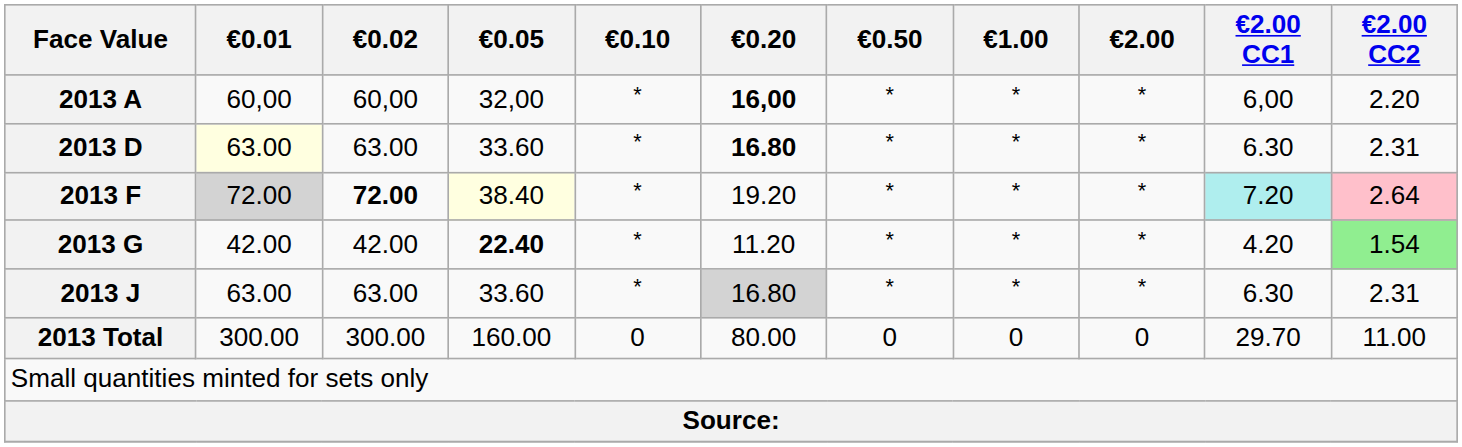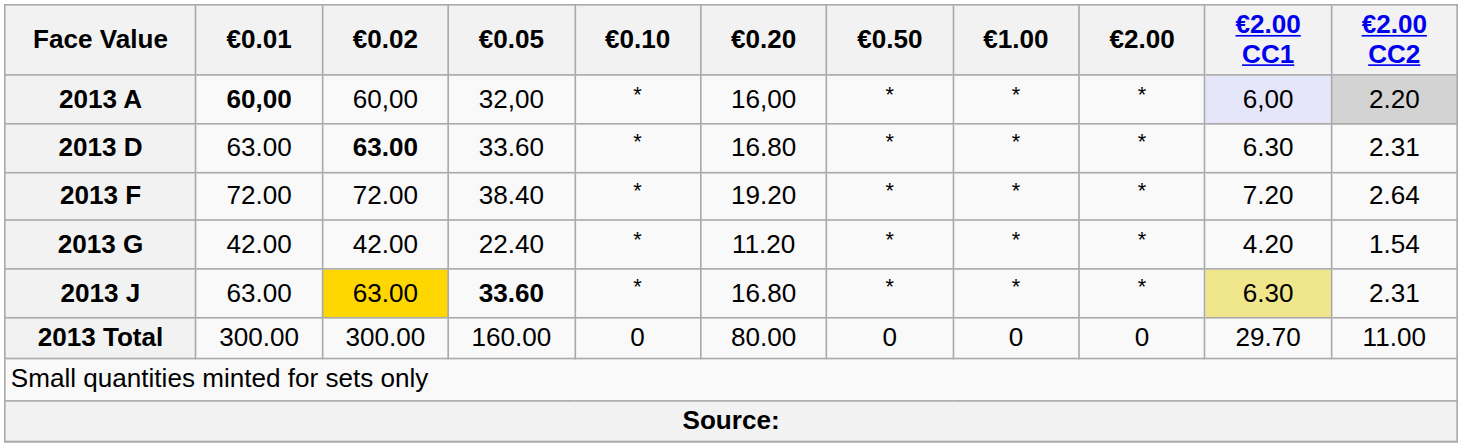 <table class="wikitable" style="text-align:center">
 <tr>
 <th align=left width=110px>Face Value</th>
 <th align=left width=70px>€0.01</th>
 <th align=left width=70px>€0.02</th>
 <th align=left width=70px>€0.05</th>
 <th align=left width=70px>€0.10</th>
 <th align=left width=70px>€0.20</th>
 <th align=left width=70px>€0.50</th>
 <th align=left width=70px>€1.00</th>
 <th align=left width=70px>€2.00</th>
 <th align=left width=70px><a href='#'>€2.00 CC1</a></th>
 <th align=left width=70px><a href='#'>€2.00 CC2</a></th>
 </tr>
 <tr>
 <th>2013 A</th>
-<td>60,00</td>
+<td><strong>60,00</strong></td>
 <td>60,00</td>
 <td>32,00</td>
 <td><sup>*</sup></td>
-<td><strong>16,00</strong></td>
+<td>16,00</td>
 <td><sup>*</sup></td>
 <td><sup>*</sup></td>
 <td><sup>*</sup></td>
-<td>6,00</td>
-<td>2.20</td>
+<td style="background: lavender;">6,00</td>
+<td style="background: lightgrey;">2.20</td>
 </tr>
 <tr>
 <th>2013 D</th>
-<td style="background: lightyellow;">63.00</td>
 <td>63.00</td>
+<td><strong>63.00</strong></td>
 <td>33.60</td>
 <td><sup>*</sup></td>
-<td><strong>16.80</strong></td>
+<td>16.80</td>
 <td><sup>*</sup></td>
 <td><sup>*</sup></td>
 <td><sup>*</sup></td>
 <td>6.30</td>
 <td>2.31</td>
 </tr>
 <tr>
 <th>2013 F</th>
-<td style="background: lightgrey;">72.00</td>
-<td><strong>72.00</strong></td>
-<td style="background: lightyellow;">38.40</td>
+<td>72.00</td>
+<td>72.00</td>
+<td>38.40</td>
 <td><sup>*</sup></td>
 <td>19.20</td>
 <td><sup>*</sup></td>
 <td><sup>*</sup></td>
 <td><sup>*</sup></td>
-<td style="background: paleturquoise;">7.20</td>
-<td style="background: pink;">2.64</td>
+<td>7.20</td>
+<td>2.64</td>
 </tr>
 <tr>
 <th>2013 G</th>
 <td>42.00</td>
 <td>42.00</td>
-<td><strong>22.40</strong></td>
+<td>22.40</td>
 <td><sup>*</sup></td>
 <td>11.20</td>
 <td><sup>*</sup></td>
 <td><sup>*</sup></td>
 <td><sup>*</sup></td>
 <td>4.20</td>
-<td style="background: lightgreen;">1.54</td>
+<td>1.54</td>
 </tr>
 <tr>
 <th>2013 J</th>
 <td>63.00</td>
-<td>63.00</td>
-<td>33.60</td>
+<td style="background: gold;">63.00</td>
+<td><strong>33.60</strong></td>
 <td><sup>*</sup></td>
-<td style="background: lightgrey;">16.80</td>
+<td>16.80</td>
 <td><sup>*</sup></td>
 <td><sup>*</sup></td>
 <td><sup>*</sup></td>
-<td>6.30</td>
+<td style="background: khaki;">6.30</td>
 <td>2.31</td>
 </tr>
 <tr>
 <th>2013 Total</th>
 <td>300.00</td>
 <td>300.00</td>
 <td>160.00</td>
 <td>0</td>
 <td>80.00</td>
 <td>0</td>
 <td>0</td>
 <td>0</td>
 <td>29.70</td>
 <td>11.00</td>
 </tr>
 <tr>
 <td align=left colspan=11> Small quantities minted for sets only</td>
 </tr>
 <tr>
 <th colspan=11>Source:</th>
 </tr>
 <tr>
 </tr>
 </table>
